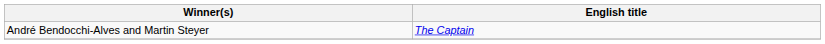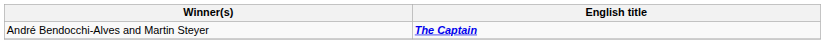 <table class="wikitable" width="95%" cellpadding="5">
 <tr>
 <th width="18%">Winner(s)</th>
 <th width="18%">English title</th>
 </tr>
 <tr>
 <td> André Bendocchi-Alves and Martin Steyer</td>
-<td><em><a href='#'>The Captain</a></em></td>
+<td><strong><em><a href='#'>The Captain</a></em></strong></td>
 </tr>
 <tr>
 </tr>
 </table>
